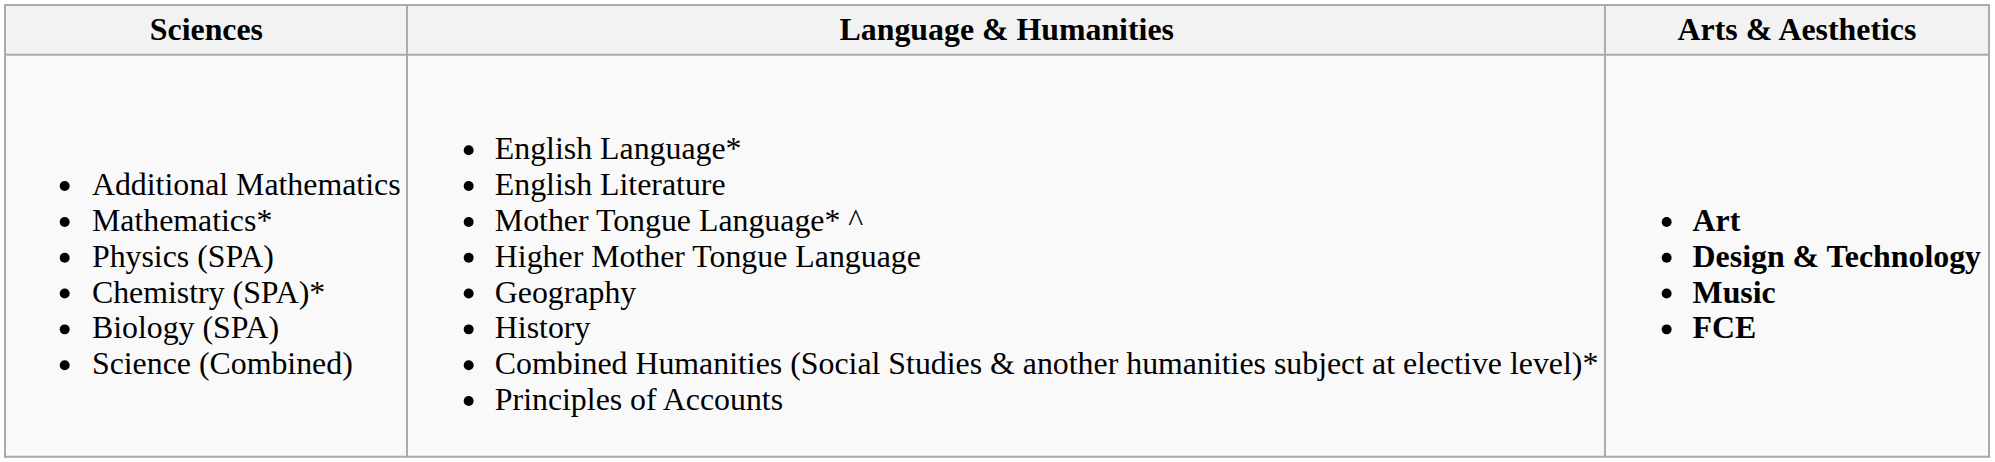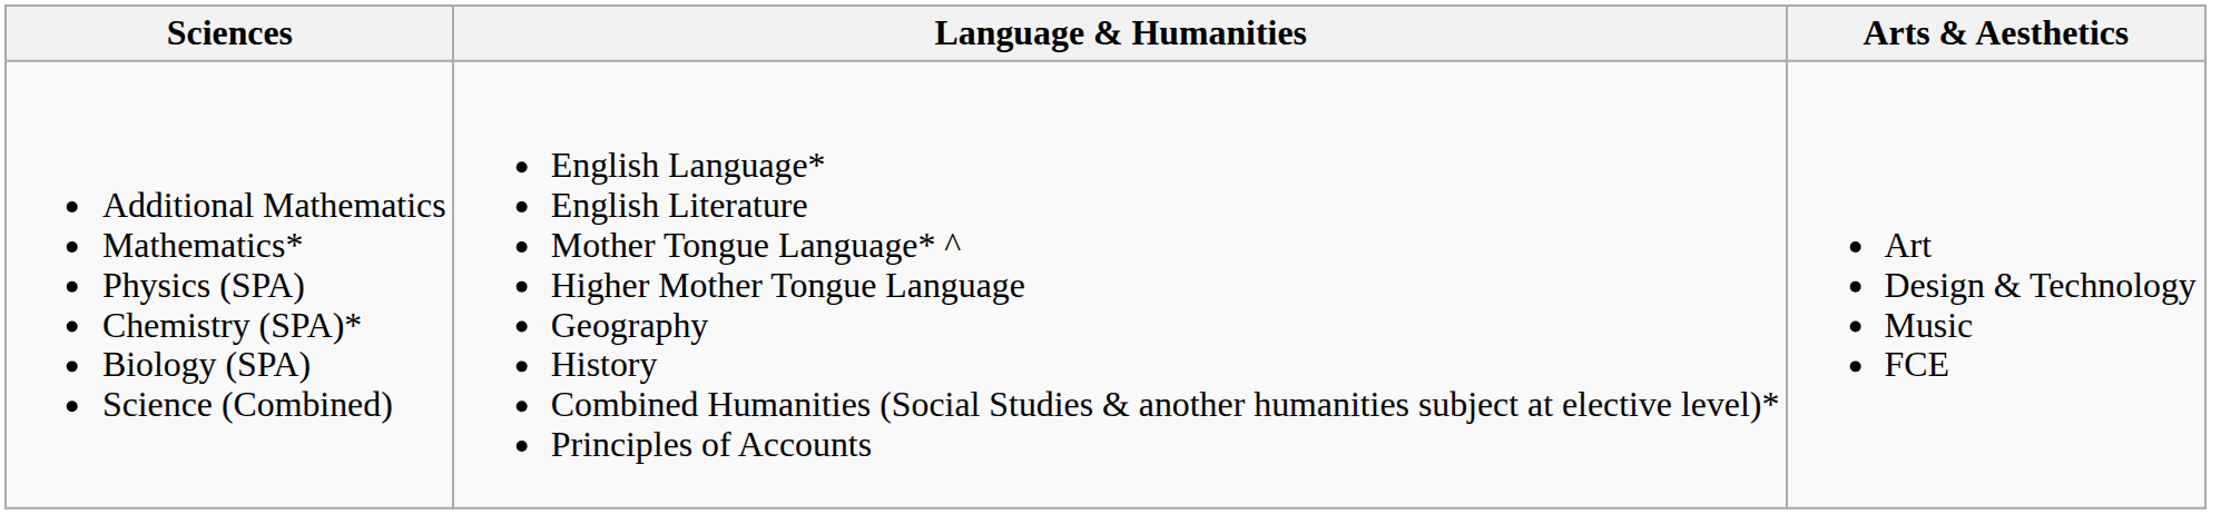 <table class="wikitable">
 <tr>
 <th>Sciences</th>
 <th><strong>Language & Humanities</strong></th>
 <th><strong>Arts & Aesthetics</strong></th>
 </tr>
 <tr>
 <td><br><ul><li>Additional Mathematics</li><li>Mathematics*</li><li>Physics (SPA)</li><li>Chemistry (SPA)*</li><li>Biology (SPA)</li><li>Science (Combined)</li></ul></td>
 <td><br><ul><li>English Language*</li><li>English Literature</li><li>Mother Tongue Language* ^</li><li>Higher Mother Tongue Language</li><li>Geography</li><li>History</li><li>Combined Humanities (Social Studies & another humanities subject at elective level)*</li><li>Principles of Accounts</li></ul></td>
-<td><strong><br><ul><li>Art</li><li>Design & Technology</li><li>Music</li><li>FCE</li></ul></strong></td>
+<td><br><ul><li>Art</li><li>Design & Technology</li><li>Music</li><li>FCE</li></ul></td>
 </tr>
 </table>
